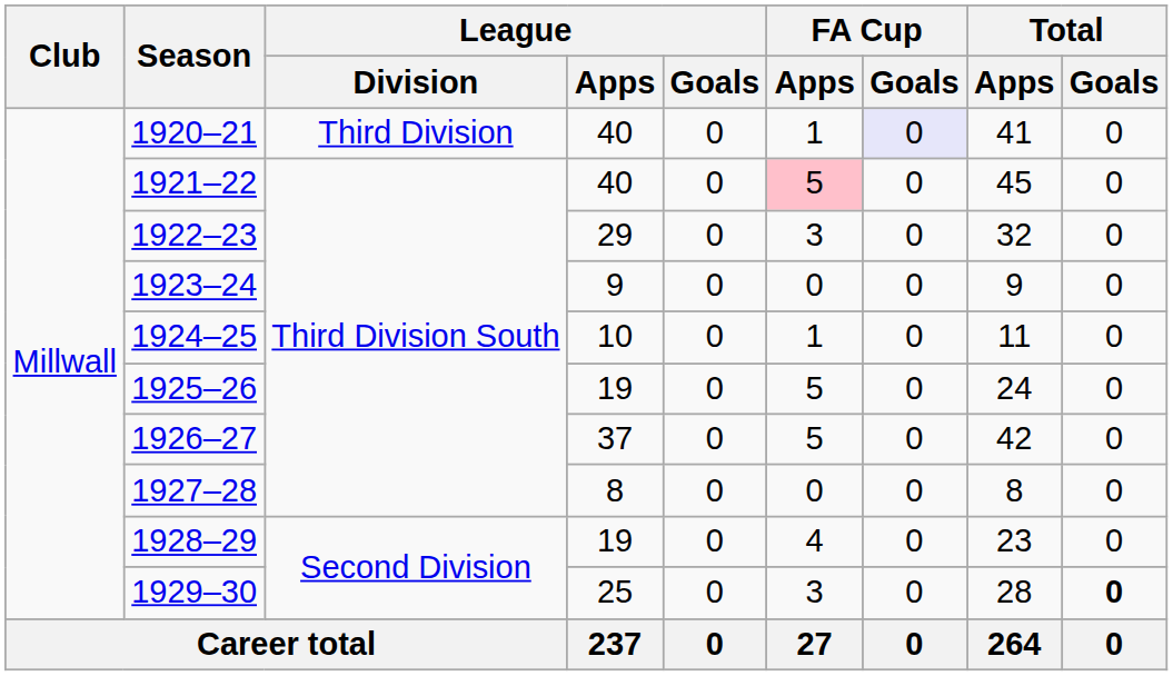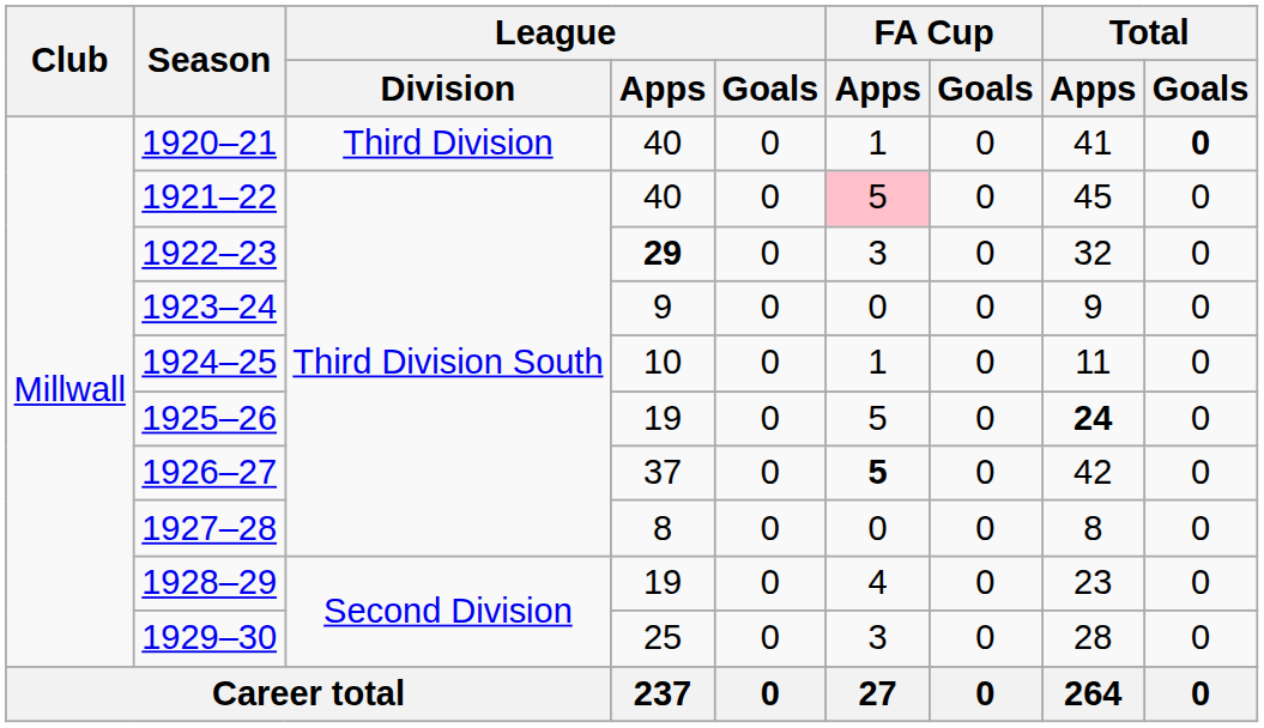 <table class="wikitable" style="text-align: center">
 <tr>
 <th rowspan="2">Club</th>
 <th rowspan="2">Season</th>
 <th colspan="3">League</th>
 <th colspan="2">FA Cup</th>
 <th colspan="2">Total</th>
 </tr>
 <tr>
 <th>Division</th>
 <th>Apps</th>
 <th>Goals</th>
 <th>Apps</th>
 <th>Goals</th>
 <th>Apps</th>
 <th>Goals</th>
 </tr>
 <tr>
 <td rowspan="10"><a href='#'>Millwall</a></td>
 <td><a href='#'>1920–21</a></td>
 <td><a href='#'>Third Division</a></td>
 <td>40</td>
 <td>0</td>
 <td>1</td>
-<td style="background: lavender;">0</td>
+<td>0</td>
 <td>41</td>
-<td>0</td>
+<td><strong>0</strong></td>
 </tr>
 <tr>
 <td><a href='#'>1921–22</a></td>
 <td rowspan="7"><a href='#'>Third Division South</a></td>
 <td>40</td>
 <td>0</td>
 <td style="background: pink;">5</td>
 <td>0</td>
 <td>45</td>
 <td>0</td>
 </tr>
 <tr>
 <td><a href='#'>1922–23</a></td>
-<td>29</td>
+<td><strong>29</strong></td>
 <td>0</td>
 <td>3</td>
 <td>0</td>
 <td>32</td>
 <td>0</td>
 </tr>
 <tr>
 <td><a href='#'>1923–24</a></td>
 <td>9</td>
 <td>0</td>
 <td>0</td>
 <td>0</td>
 <td>9</td>
 <td>0</td>
 </tr>
 <tr>
 <td><a href='#'>1924–25</a></td>
 <td>10</td>
 <td>0</td>
 <td>1</td>
 <td>0</td>
 <td>11</td>
 <td>0</td>
 </tr>
 <tr>
 <td><a href='#'>1925–26</a></td>
 <td>19</td>
 <td>0</td>
 <td>5</td>
 <td>0</td>
-<td>24</td>
+<td><strong>24</strong></td>
 <td>0</td>
 </tr>
 <tr>
 <td><a href='#'>1926–27</a></td>
 <td>37</td>
 <td>0</td>
-<td>5</td>
+<td><strong>5</strong></td>
 <td>0</td>
 <td>42</td>
 <td>0</td>
 </tr>
 <tr>
 <td><a href='#'>1927–28</a></td>
 <td>8</td>
 <td>0</td>
 <td>0</td>
 <td>0</td>
 <td>8</td>
 <td>0</td>
 </tr>
 <tr>
 <td><a href='#'>1928–29</a></td>
 <td rowspan="2"><a href='#'>Second Division</a></td>
 <td>19</td>
 <td>0</td>
 <td>4</td>
 <td>0</td>
 <td>23</td>
 <td>0</td>
 </tr>
 <tr>
 <td><a href='#'>1929–30</a></td>
 <td>25</td>
 <td>0</td>
 <td>3</td>
 <td>0</td>
 <td>28</td>
-<td><strong>0</strong></td>
+<td>0</td>
 </tr>
 <tr>
 <th colspan="3">Career total</th>
 <th>237</th>
 <th>0</th>
 <th>27</th>
 <th>0</th>
 <th>264</th>
 <th>0</th>
 </tr>
 </table>
